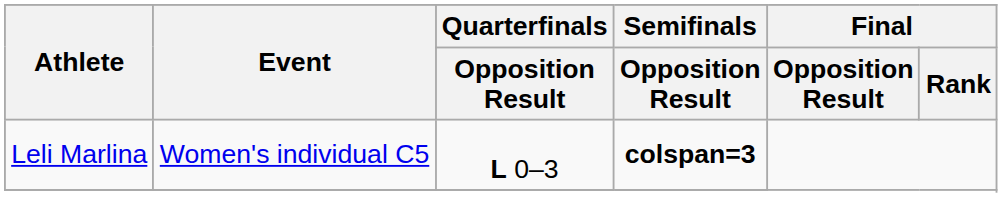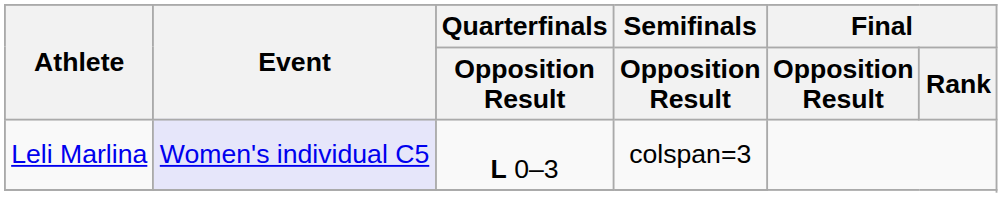 <table class=wikitable style="font-size:90%">
 <tr>
 <th rowspan="2">Athlete</th>
 <th rowspan="2">Event</th>
 <th>Quarterfinals</th>
 <th>Semifinals</th>
 <th colspan="2">Final</th>
 </tr>
 <tr>
 <th>Opposition<br>Result</th>
 <th>Opposition<br>Result</th>
 <th>Opposition<br>Result</th>
 <th>Rank</th>
 </tr>
 <tr align=center>
 <td align=left><a href='#'>Leli Marlina</a></td>
-<td align=left><a href='#'>Women's individual C5</a></td>
+<td align=left style="background: lavender;"><a href='#'>Women's individual C5</a></td>
 <td><br><strong>L</strong> 0–3</td>
-<td><strong>colspan=3 </strong></td>
+<td>colspan=3 </td>
 </tr>
 <tr>
 </tr>
 </table>
